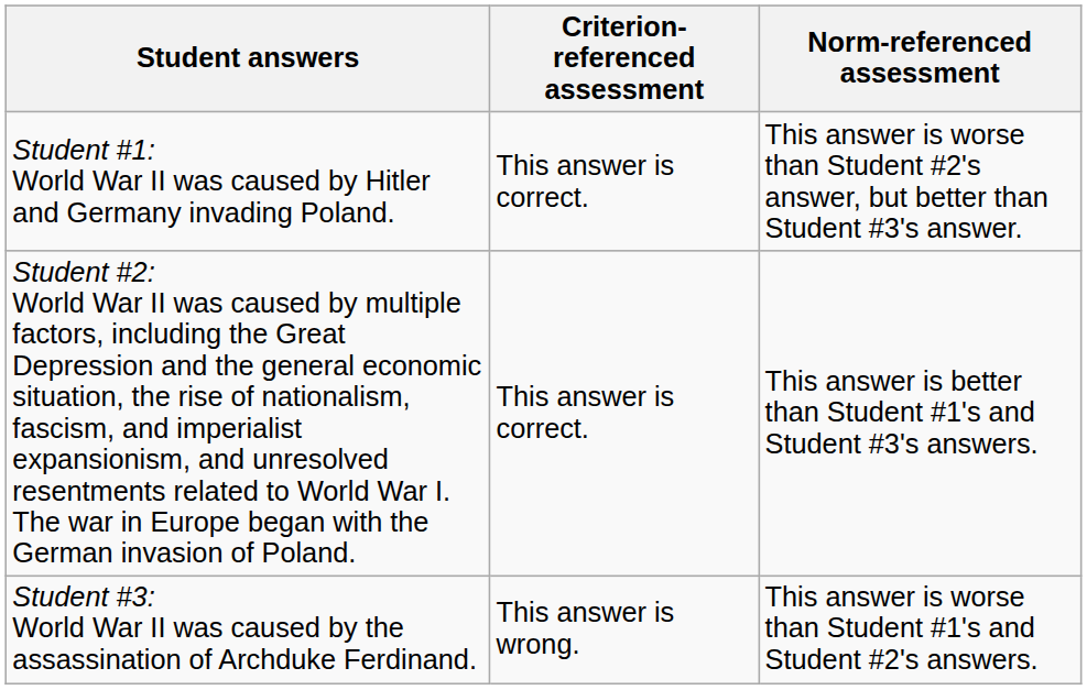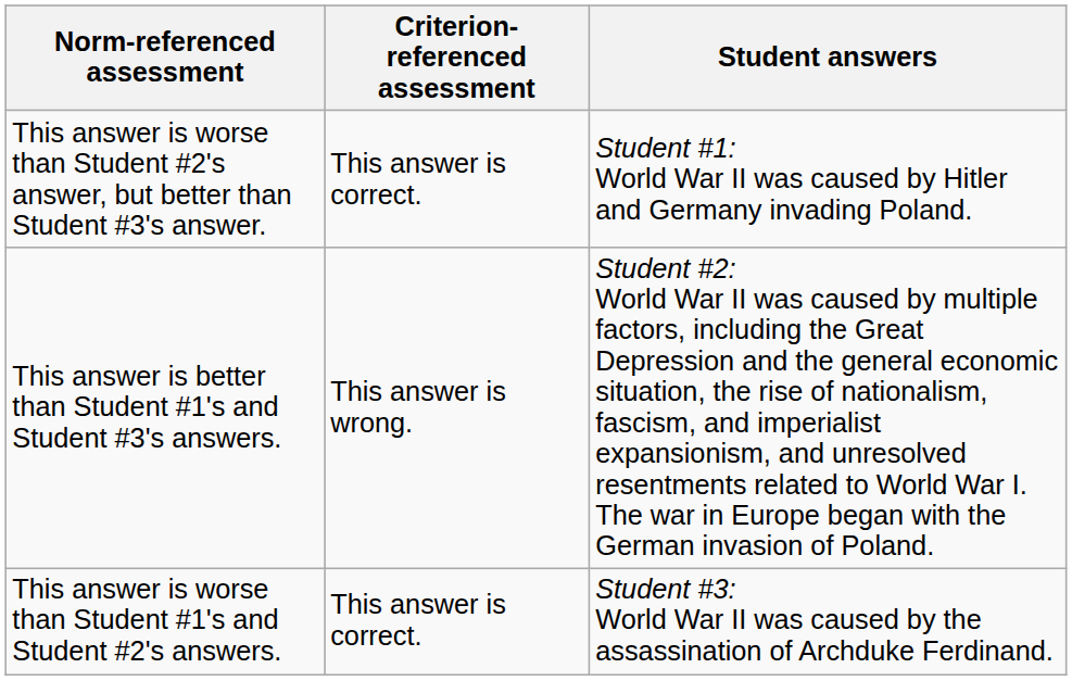 <table class="wikitable" style="float: right; width: 70%">
 <tr>
+<th>Norm-referenced assessment</th>
+<th style="width: 25%">Criterion-referenced assessment</th>
 <th style="width: 45%">Student answers</th>
-<th style="width: 25%">Criterion-referenced assessment</th>
-<th>Norm-referenced assessment</th>
 </tr>
 <tr>
+<td>This answer is worse than Student #2's answer, but better than Student #3's answer.</td>
+<td>This answer is correct.</td>
 <td><em>Student #1:</em>  <br> World War II was caused by Hitler and Germany invading Poland.</td>
-<td>This answer is correct.</td>
-<td>This answer is worse than Student #2's answer, but better than Student #3's answer.</td>
 </tr>
 <tr>
+<td>This answer is better than Student #1's and Student #3's answers.</td>
+<td>This answer is wrong.</td>
 <td><em>Student #2:</em>  <br> World War II was caused by multiple factors, including the Great Depression and the general economic situation, the rise of nationalism, fascism, and imperialist expansionism, and unresolved resentments related to World War I.  The war in Europe began with the German invasion of Poland.</td>
-<td>This answer is correct.</td>
-<td>This answer is better than Student #1's and Student #3's answers.</td>
 </tr>
 <tr>
+<td>This answer is worse than Student #1's and Student #2's answers.</td>
+<td>This answer is correct.</td>
 <td><em>Student #3:</em>  <br> World War II was caused by the assassination of Archduke Ferdinand.</td>
-<td>This answer is wrong.</td>
-<td>This answer is worse than Student #1's and Student #2's answers.</td>
 </tr>
 </table>
